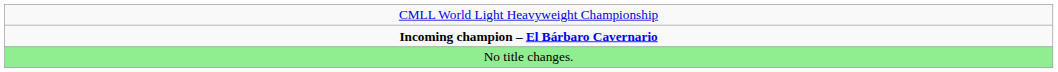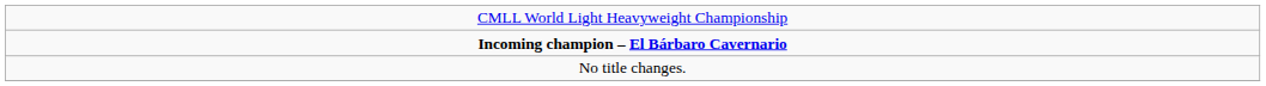 <table class="wikitable" style="text-align:center; width:100%;">
 <tr>
 <td colspan="5" style="text-align: center;"><a href='#'>CMLL World Light Heavyweight Championship</a></td>
 </tr>
 <tr>
 <td colspan="5" style="text-align: center;"><strong>Incoming champion – <a href='#'>El Bárbaro Cavernario</a></strong></td>
 </tr>
 <tr>
-<td style="background: lightgreen;">No title changes.</td>
+<td>No title changes.</td>
 </tr>
 <tr>
 </tr>
 </table>
